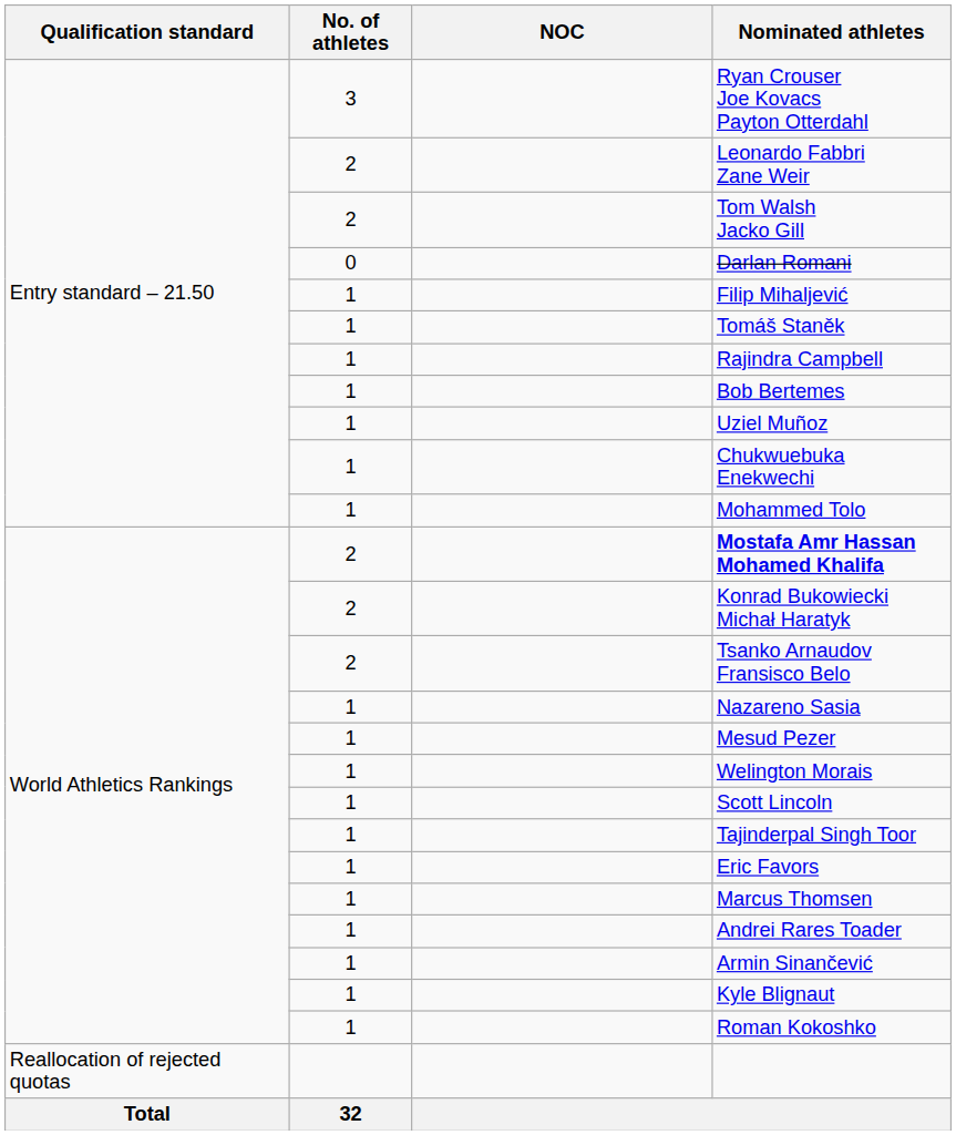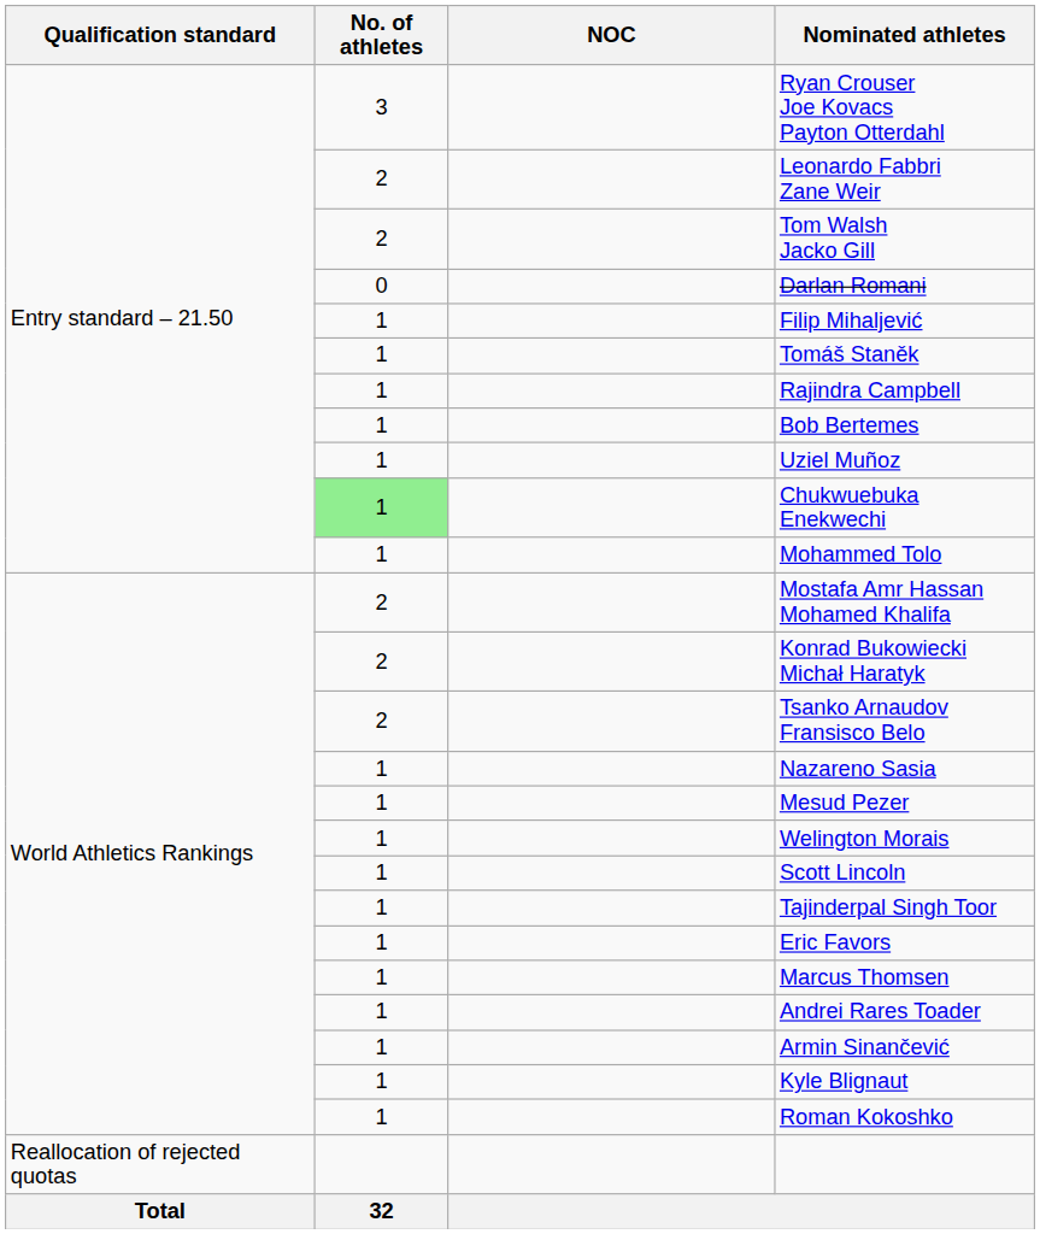 <table class="wikitable sortable" style="text-align:left; width:750px;">
 <tr>
 <th>Qualification standard</th>
 <th width=90>No. of athletes</th>
 <th width=230>NOC</th>
 <th>Nominated athletes</th>
 </tr>
 <tr>
 <td rowspan=11>Entry standard – 21.50</td>
 <td align=center>3</td>
 <td></td>
 <td><a href='#'>Ryan Crouser</a><br><a href='#'>Joe Kovacs</a><br><a href='#'>Payton Otterdahl</a></td>
 </tr>
 <tr>
 <td align=center>2</td>
 <td></td>
 <td><a href='#'>Leonardo Fabbri</a><br><a href='#'>Zane Weir</a></td>
 </tr>
 <tr>
 <td align=center>2</td>
 <td></td>
 <td><a href='#'>Tom Walsh</a><br><a href='#'>Jacko Gill</a></td>
 </tr>
 <tr>
 <td align=center>0</td>
 <td><s></s></td>
 <td><s><a href='#'>Darlan Romani</a></s></td>
 </tr>
 <tr>
 <td align=center>1</td>
 <td></td>
 <td><a href='#'>Filip Mihaljević</a></td>
 </tr>
 <tr>
 <td align=center>1</td>
 <td></td>
 <td><a href='#'>Tomáš Staněk</a></td>
 </tr>
 <tr>
 <td align=center>1</td>
 <td></td>
 <td><a href='#'>Rajindra Campbell</a></td>
 </tr>
 <tr>
 <td align=center>1</td>
 <td></td>
 <td><a href='#'>Bob Bertemes</a></td>
 </tr>
 <tr>
 <td align=center>1</td>
 <td></td>
 <td><a href='#'>Uziel Muñoz</a></td>
 </tr>
 <tr>
-<td align=center>1</td>
+<td align=center style="background: lightgreen;">1</td>
 <td></td>
 <td><a href='#'>Chukwuebuka Enekwechi</a></td>
 </tr>
 <tr>
 <td align=center>1</td>
 <td></td>
 <td><a href='#'>Mohammed Tolo</a></td>
 </tr>
 <tr>
 <td rowspan=14>World Athletics Rankings</td>
 <td align=center>2</td>
 <td></td>
-<td><strong><a href='#'>Mostafa Amr Hassan</a><br><a href='#'>Mohamed Khalifa</a></strong></td>
+<td><a href='#'>Mostafa Amr Hassan</a><br><a href='#'>Mohamed Khalifa</a></td>
 </tr>
 <tr>
 <td align=center>2</td>
 <td></td>
 <td><a href='#'>Konrad Bukowiecki</a><br><a href='#'>Michał Haratyk</a></td>
 </tr>
 <tr>
 <td align=center>2</td>
 <td></td>
 <td><a href='#'>Tsanko Arnaudov</a><br><a href='#'>Fransisco Belo</a></td>
 </tr>
 <tr>
 <td align=center>1</td>
 <td></td>
 <td><a href='#'>Nazareno Sasia</a></td>
 </tr>
 <tr>
 <td align=center>1</td>
 <td></td>
 <td><a href='#'>Mesud Pezer</a></td>
 </tr>
 <tr>
 <td align=center>1</td>
 <td></td>
 <td><a href='#'>Welington Morais</a></td>
 </tr>
 <tr>
 <td align=center>1</td>
 <td></td>
 <td><a href='#'>Scott Lincoln</a></td>
 </tr>
 <tr>
 <td align=center>1</td>
 <td></td>
 <td><a href='#'>Tajinderpal Singh Toor</a></td>
 </tr>
 <tr>
 <td align=center>1</td>
 <td></td>
 <td><a href='#'>Eric Favors</a></td>
 </tr>
 <tr>
 <td align=center>1</td>
 <td></td>
 <td><a href='#'>Marcus Thomsen</a></td>
 </tr>
 <tr>
 <td align=center>1</td>
 <td></td>
 <td><a href='#'>Andrei Rares Toader</a></td>
 </tr>
 <tr>
 <td align=center>1</td>
 <td></td>
 <td><a href='#'>Armin Sinančević</a></td>
 </tr>
 <tr>
 <td align=center>1</td>
 <td></td>
 <td><a href='#'>Kyle Blignaut</a></td>
 </tr>
 <tr>
 <td align=center>1</td>
 <td></td>
 <td><a href='#'>Roman Kokoshko</a></td>
 </tr>
 <tr>
 <td>Reallocation of rejected quotas</td>
 <td align=center></td>
 <td></td>
 <td></td>
 </tr>
 <tr>
 <th>Total</th>
 <th>32</th>
 <th colspan=2></th>
 </tr>
 </table>
